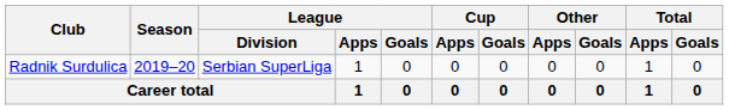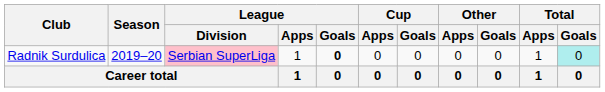 <table class="wikitable" style="text-align: center">
 <tr>
 <th rowspan="2">Club</th>
 <th rowspan="2">Season</th>
 <th colspan="3">League</th>
 <th colspan="2">Cup</th>
 <th colspan="2">Other</th>
 <th colspan="2">Total</th>
 </tr>
 <tr>
 <th>Division</th>
 <th>Apps</th>
 <th>Goals</th>
 <th>Apps</th>
 <th>Goals</th>
 <th>Apps</th>
 <th>Goals</th>
 <th>Apps</th>
 <th>Goals</th>
 </tr>
 <tr>
 <td><a href='#'>Radnik Surdulica</a></td>
 <td><a href='#'>2019–20</a></td>
-<td><a href='#'>Serbian SuperLiga</a></td>
+<td style="background: pink;"><a href='#'>Serbian SuperLiga</a></td>
 <td>1</td>
-<td>0</td>
+<td><strong>0</strong></td>
 <td>0</td>
 <td>0</td>
 <td>0</td>
 <td>0</td>
 <td>1</td>
-<td>0</td>
+<td style="background: paleturquoise;">0</td>
 </tr>
 <tr>
 <th colspan="3"><strong>Career total</strong></th>
 <th>1</th>
 <th>0</th>
 <th>0</th>
 <th>0</th>
 <th>0</th>
 <th>0</th>
 <th>1</th>
 <th>0</th>
 </tr>
 </table>
